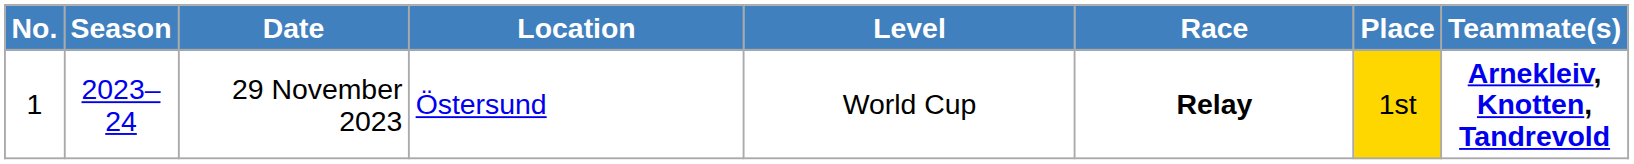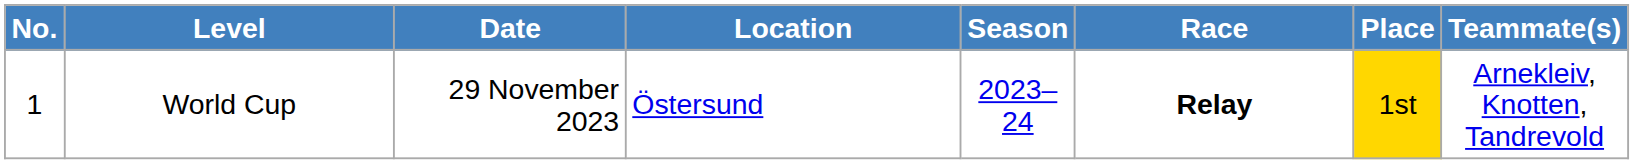 <table class="wikitable sortable" style="font-size:95%; text-align:center; border:grey solid 1px; border-collapse:collapse; background:#ffffff;">
 <tr style="background:#efefef;">
 <th style="background-color:#4180be; color:white;">No.</th>
-<th style="background-color:#4180be; color:white;">Season</th>
+<th style="background-color:#4180be; color:white; width:180px;">Level</th>
 <th style="background-color:#4180be; color:white; width:120px;">Date</th>
 <th style="background-color:#4180be; color:white; width:180px;">Location</th>
-<th style="background-color:#4180be; color:white; width:180px;">Level</th>
+<th style="background-color:#4180be; color:white;">Season</th>
 <th style="background-color:#4180be; color:white; width:150px;">Race</th>
 <th style="background-color:#4180be; color:white;">Place</th>
 <th style="background-color:#4180be; color:white;">Teammate(s)</th>
 </tr>
 <tr>
 <td align=center>1</td>
-<td rowspan=1 align=center><a href='#'>2023–24</a></td>
+<td>World Cup</td>
 <td align=right>29 November 2023</td>
 <td align=left> <a href='#'>Östersund</a></td>
-<td>World Cup</td>
+<td rowspan=1 align=center><a href='#'>2023–24</a></td>
 <td><strong>Relay</strong></td>
 <td bgcolor="gold">1st</td>
-<td><strong><a href='#'>Arnekleiv</a>, <a href='#'>Knotten</a>, <a href='#'>Tandrevold</a></strong></td>
+<td><a href='#'>Arnekleiv</a>, <a href='#'>Knotten</a>, <a href='#'>Tandrevold</a></td>
 </tr>
 </table>
